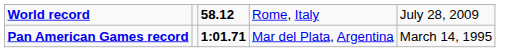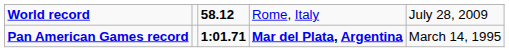 <table class="wikitable">
 <tr>
 <td><strong><a href='#'>World record</a></strong></td>
 <td></td>
 <td><strong>58.12</strong></td>
 <td><a href='#'>Rome</a>, <a href='#'>Italy</a></td>
 <td>July 28, 2009</td>
 </tr>
 <tr>
 <td><strong><a href='#'>Pan American Games record</a></strong></td>
 <td></td>
 <td><strong>1:01.71</strong></td>
-<td><a href='#'>Mar del Plata</a>, <a href='#'>Argentina</a></td>
+<td><strong><a href='#'>Mar del Plata</a>, <a href='#'>Argentina</a></strong></td>
 <td>March 14, 1995</td>
 </tr>
 </table>
